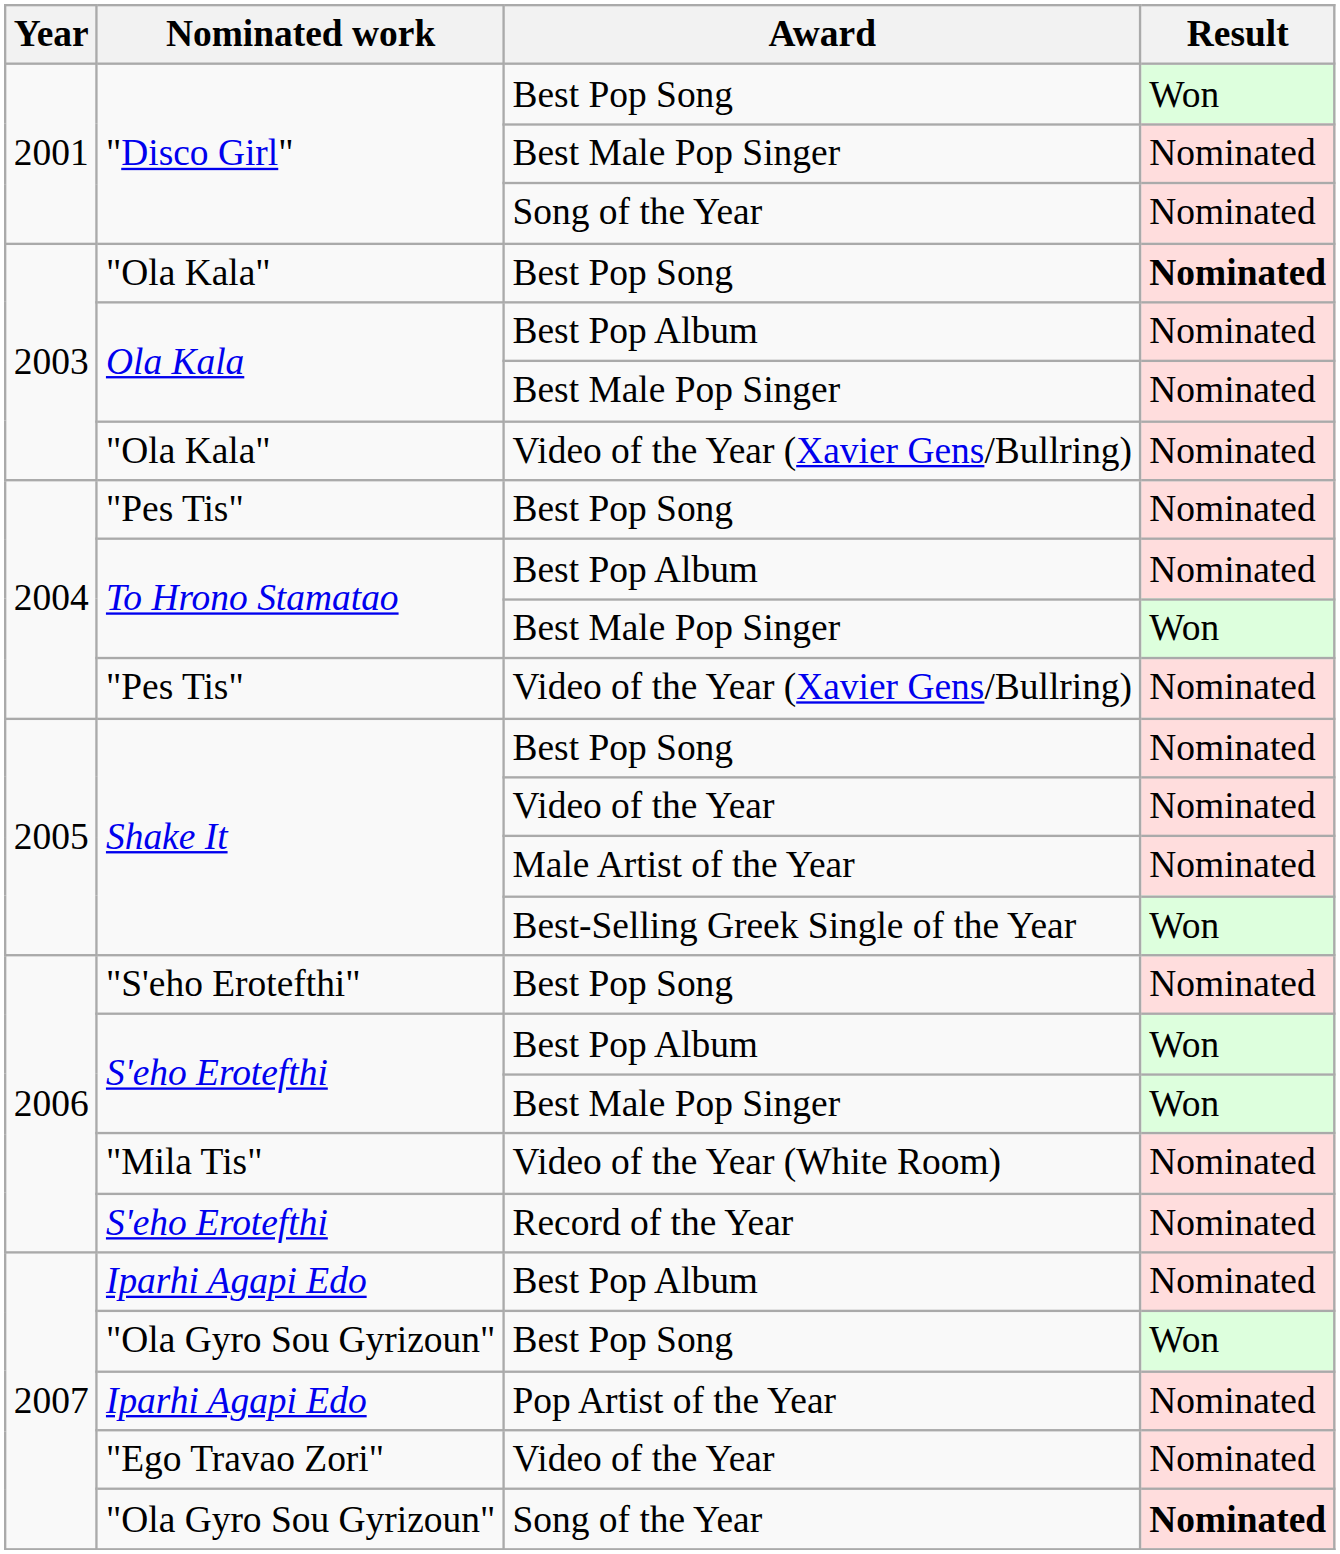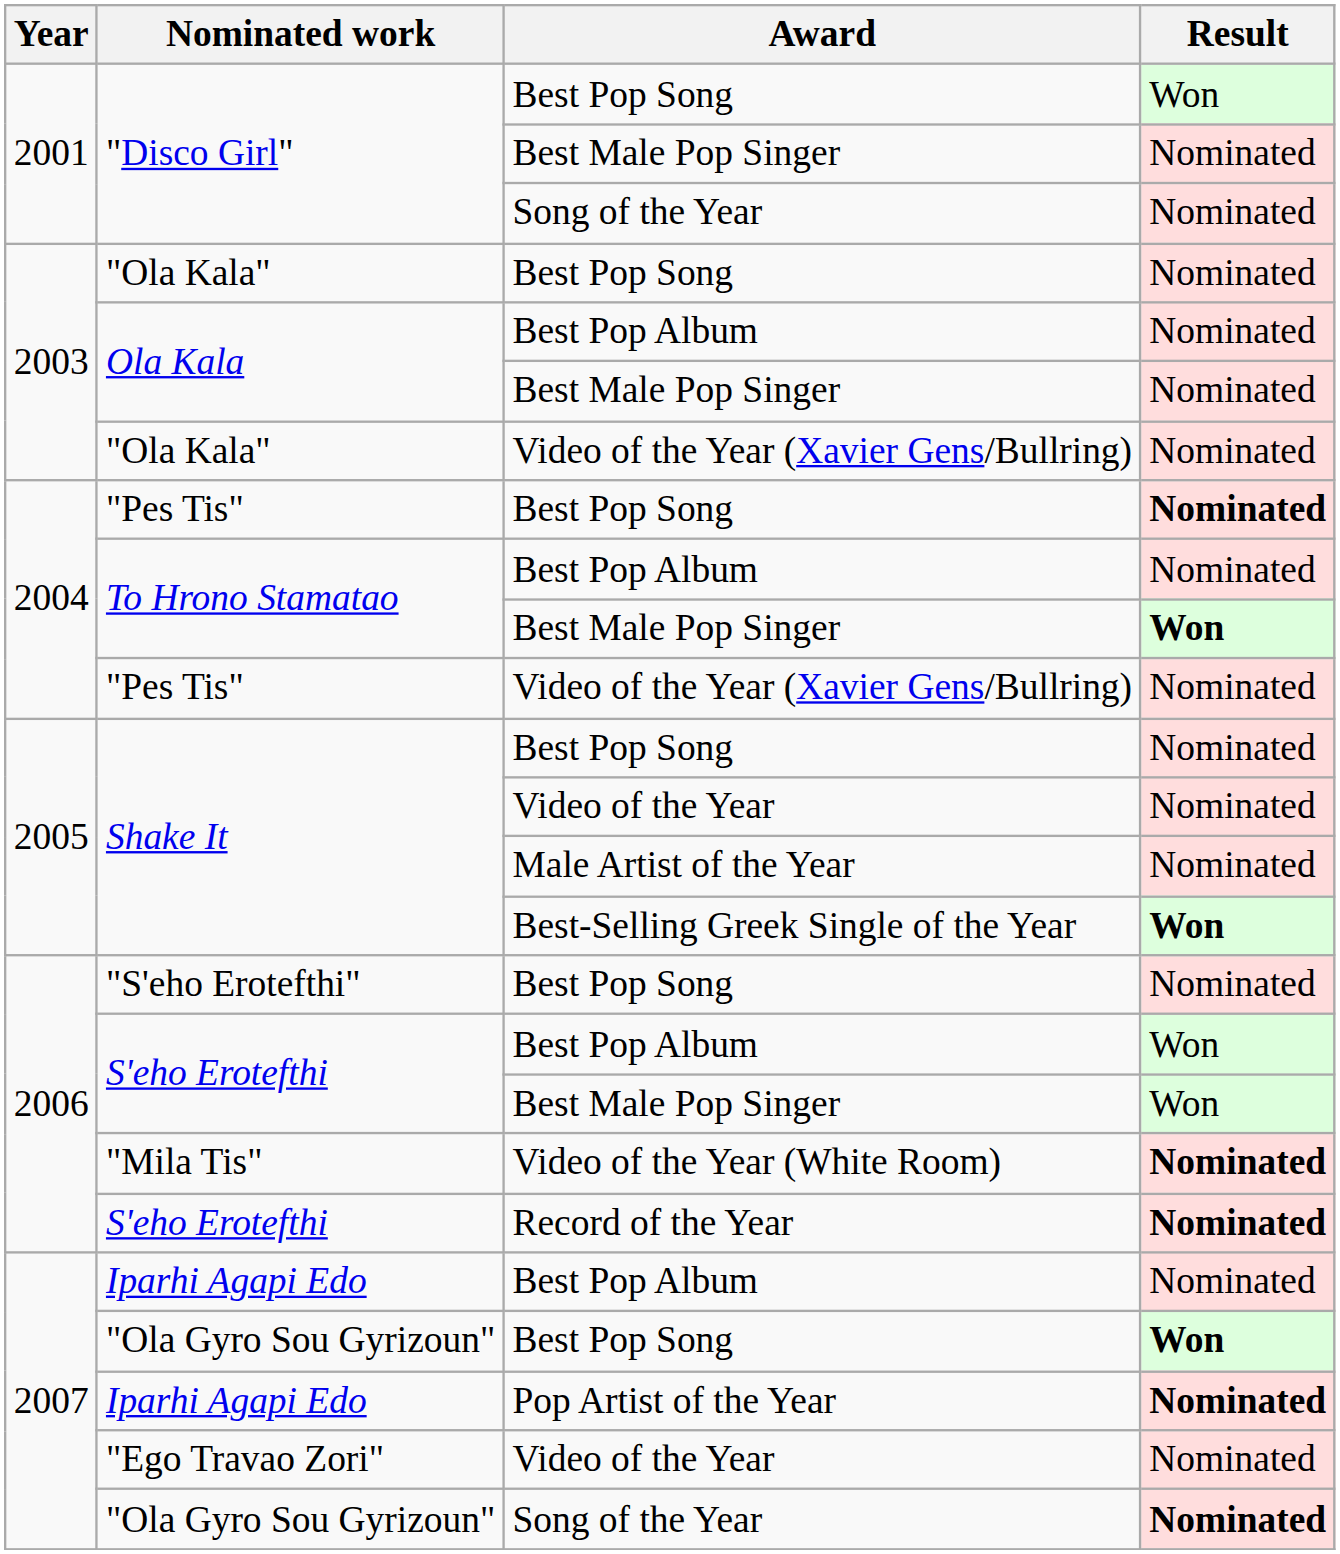 <table class="wikitable">
 <tr>
 <th>Year</th>
 <th>Nominated work</th>
 <th>Award</th>
 <th>Result</th>
 </tr>
 <tr>
 <td rowspan="3">2001</td>
 <td rowspan="3">"<a href='#'>Disco Girl</a>"</td>
 <td>Best Pop Song</td>
 <td style="background: #ddffdd">Won</td>
 </tr>
 <tr>
 <td>Best Male Pop Singer</td>
 <td style="background: #ffdddd">Nominated</td>
 </tr>
 <tr>
 <td>Song of the Year</td>
 <td style="background: #ffdddd">Nominated</td>
 </tr>
 <tr>
 <td rowspan="4">2003</td>
 <td>"Ola Kala"</td>
 <td>Best Pop Song</td>
-<td style="background: #ffdddd"><strong>Nominated</strong></td>
+<td style="background: #ffdddd">Nominated</td>
 </tr>
 <tr>
 <td rowspan="2"><em><a href='#'>Ola Kala</a></em></td>
 <td>Best Pop Album</td>
 <td style="background: #ffdddd">Nominated</td>
 </tr>
 <tr>
 <td>Best Male Pop Singer</td>
 <td style="background: #ffdddd">Nominated</td>
 </tr>
 <tr>
 <td>"Ola Kala"</td>
 <td>Video of the Year (<a href='#'>Xavier Gens</a>/Bullring)</td>
 <td style="background: #ffdddd">Nominated</td>
 </tr>
 <tr>
 <td rowspan="4">2004</td>
 <td>"Pes Tis"</td>
 <td>Best Pop Song</td>
-<td style="background: #ffdddd">Nominated</td>
+<td style="background: #ffdddd"><strong>Nominated</strong></td>
 </tr>
 <tr>
 <td rowspan="2"><em><a href='#'>To Hrono Stamatao</a></em></td>
 <td>Best Pop Album</td>
 <td style="background: #ffdddd">Nominated</td>
 </tr>
 <tr>
 <td>Best Male Pop Singer</td>
-<td style="background: #ddffdd">Won</td>
+<td style="background: #ddffdd"><strong>Won</strong></td>
 </tr>
 <tr>
 <td>"Pes Tis"</td>
 <td>Video of the Year (<a href='#'>Xavier Gens</a>/Bullring)</td>
 <td style="background: #ffdddd">Nominated</td>
 </tr>
 <tr>
 <td rowspan="4">2005</td>
 <td rowspan="4"><em><a href='#'>Shake It</a></em></td>
 <td>Best Pop Song</td>
 <td style="background: #ffdddd">Nominated</td>
 </tr>
 <tr>
 <td>Video of the Year</td>
 <td style="background: #ffdddd">Nominated</td>
 </tr>
 <tr>
 <td>Male Artist of the Year</td>
 <td style="background: #ffdddd">Nominated</td>
 </tr>
 <tr>
 <td>Best-Selling Greek Single of the Year</td>
-<td style="background: #ddffdd">Won</td>
+<td style="background: #ddffdd"><strong>Won</strong></td>
 </tr>
 <tr>
 <td rowspan="5">2006</td>
 <td>"S'eho Erotefthi"</td>
 <td>Best Pop Song</td>
 <td style="background: #ffdddd">Nominated</td>
 </tr>
 <tr>
 <td rowspan="2"><em><a href='#'>S'eho Erotefthi</a></em></td>
 <td>Best Pop Album</td>
 <td style="background: #ddffdd">Won</td>
 </tr>
 <tr>
 <td>Best Male Pop Singer</td>
 <td style="background: #ddffdd">Won</td>
 </tr>
 <tr>
 <td>"Mila Tis"</td>
 <td>Video of the Year (White Room)</td>
-<td style="background: #ffdddd">Nominated</td>
+<td style="background: #ffdddd"><strong>Nominated</strong></td>
 </tr>
 <tr>
 <td><em><a href='#'>S'eho Erotefthi</a></em></td>
 <td>Record of the Year</td>
-<td style="background: #ffdddd">Nominated</td>
+<td style="background: #ffdddd"><strong>Nominated</strong></td>
 </tr>
 <tr>
 <td rowspan="5">2007</td>
 <td><em><a href='#'>Iparhi Agapi Edo</a></em></td>
 <td>Best Pop Album</td>
 <td style="background: #ffdddd">Nominated</td>
 </tr>
 <tr>
 <td>"Ola Gyro Sou Gyrizoun"</td>
 <td>Best Pop Song</td>
-<td style="background: #ddffdd">Won</td>
+<td style="background: #ddffdd"><strong>Won</strong></td>
 </tr>
 <tr>
 <td><em><a href='#'>Iparhi Agapi Edo</a></em></td>
 <td>Pop Artist of the Year</td>
-<td style="background: #ffdddd">Nominated</td>
+<td style="background: #ffdddd"><strong>Nominated</strong></td>
 </tr>
 <tr>
 <td>"Ego Travao Zori"</td>
 <td>Video of the Year</td>
 <td style="background: #ffdddd">Nominated</td>
 </tr>
 <tr>
 <td>"Ola Gyro Sou Gyrizoun"</td>
 <td>Song of the Year</td>
 <td style="background: #ffdddd"><strong>Nominated</strong></td>
 </tr>
 <tr>
 </tr>
 </table>
